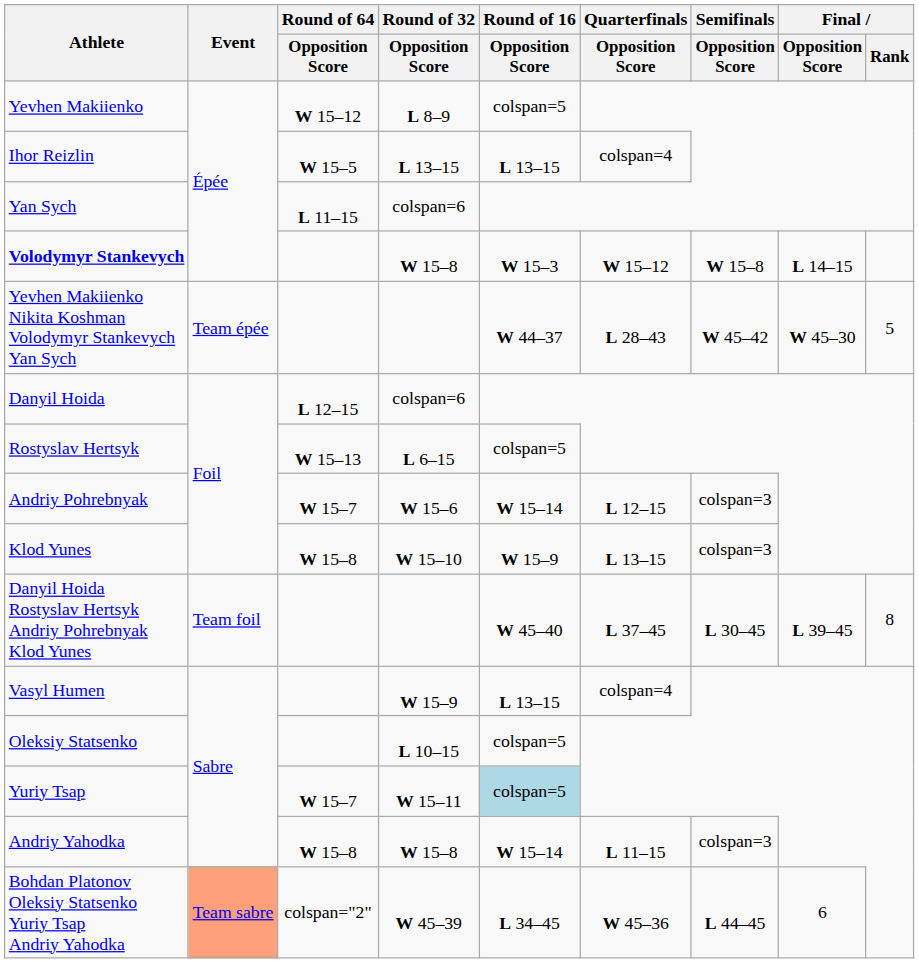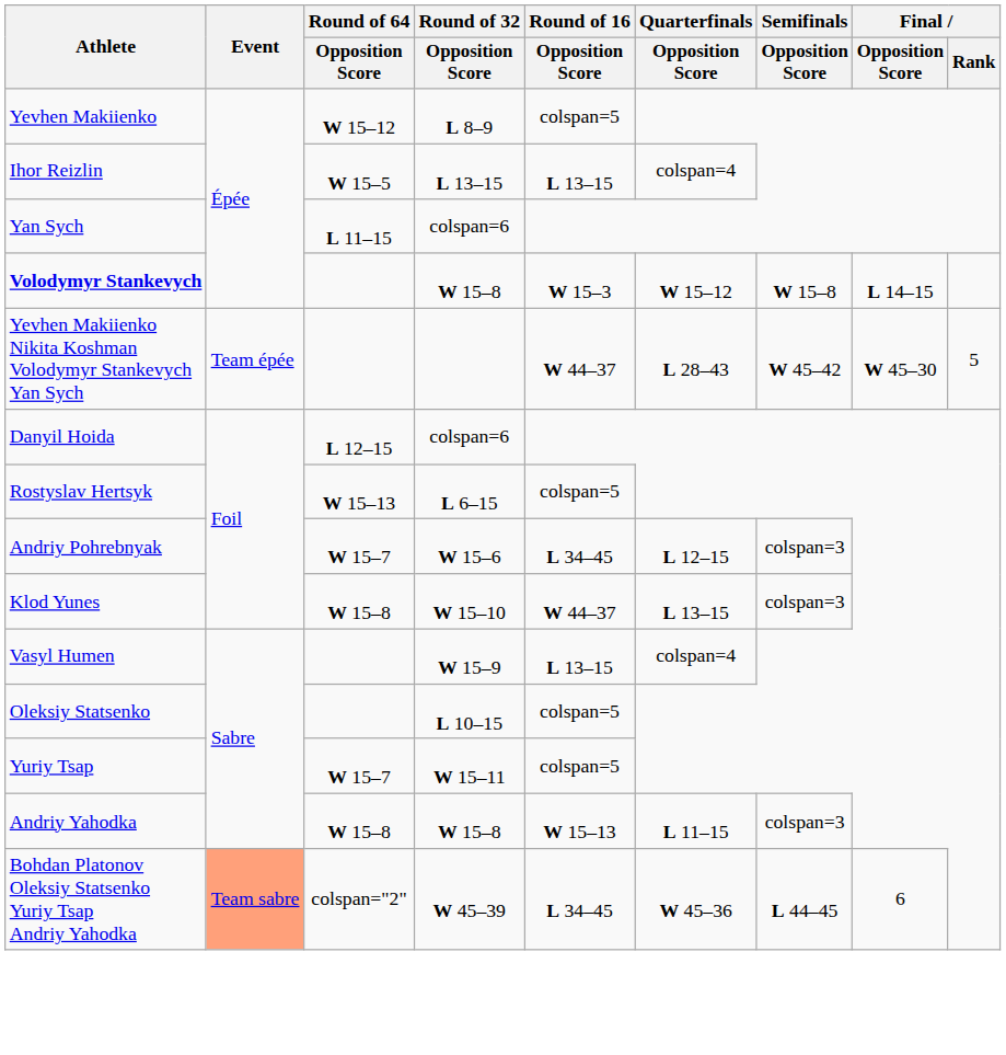 <table class="wikitable" style="font-size:90%">
 <tr>
 <th rowspan=2>Athlete</th>
 <th rowspan=2>Event</th>
 <th>Round of 64</th>
 <th>Round of 32</th>
 <th>Round of 16</th>
 <th>Quarterfinals</th>
 <th>Semifinals</th>
 <th colspan=2>Final / </th>
 </tr>
 <tr style="font-size:95%">
 <th>Opposition<br>Score</th>
 <th>Opposition<br>Score</th>
 <th>Opposition<br>Score</th>
 <th>Opposition<br>Score</th>
 <th>Opposition<br>Score</th>
 <th>Opposition<br>Score</th>
 <th>Rank</th>
 </tr>
 <tr align=center>
 <td align=left><a href='#'>Yevhen Makiienko</a></td>
 <td style="text-align:left;" rowspan="4"><a href='#'>Épée</a></td>
 <td><br><strong>W</strong> 15–12</td>
 <td><br><strong>L</strong> 8–9</td>
 <td>colspan=5 </td>
 </tr>
 <tr align=center>
 <td align=left><a href='#'>Ihor Reizlin</a></td>
 <td><br><strong>W</strong> 15–5</td>
 <td><br><strong>L</strong> 13–15</td>
 <td><br><strong>L</strong> 13–15</td>
 <td>colspan=4 </td>
 </tr>
 <tr align=center>
 <td align=left><a href='#'>Yan Sych</a></td>
 <td><br><strong>L</strong> 11–15</td>
 <td>colspan=6 </td>
 </tr>
 <tr align=center>
 <td align=left><strong><a href='#'>Volodymyr Stankevych</a></strong></td>
 <td></td>
 <td><br><strong>W</strong> 15–8</td>
 <td><br><strong>W</strong> 15–3</td>
 <td><br><strong>W</strong> 15–12</td>
 <td><br><strong>W</strong> 15–8</td>
 <td><br><strong>L</strong> 14–15</td>
 <td></td>
 </tr>
 <tr align=center>
 <td align=left><a href='#'>Yevhen Makiienko</a><br><a href='#'>Nikita Koshman</a><br><a href='#'>Volodymyr Stankevych</a><br><a href='#'>Yan Sych</a></td>
 <td style="text-align:left;"><a href='#'>Team épée</a></td>
 <td></td>
 <td></td>
 <td><br><strong>W</strong> 44–37</td>
 <td><br><strong>L</strong> 28–43</td>
 <td><br><strong>W</strong> 45–42</td>
 <td><br><strong>W</strong> 45–30</td>
 <td>5</td>
 </tr>
 <tr align=center>
 <td align=left><a href='#'>Danyil Hoida</a></td>
 <td style="text-align:left;" rowspan="4"><a href='#'>Foil</a></td>
 <td><br><strong>L</strong> 12–15</td>
 <td>colspan=6 </td>
 </tr>
 <tr align=center>
 <td align=left><a href='#'>Rostyslav Hertsyk</a></td>
 <td><br><strong>W</strong> 15–13</td>
 <td><br><strong>L</strong> 6–15</td>
 <td>colspan=5 </td>
 </tr>
 <tr align=center>
 <td align=left><a href='#'>Andriy Pohrebnyak</a></td>
 <td><br><strong>W</strong> 15–7</td>
 <td><br><strong>W</strong> 15–6</td>
-<td><br><strong>W</strong> 15–14</td>
+<td><br><strong>L</strong> 34–45</td>
 <td><br><strong>L</strong> 12–15</td>
 <td>colspan=3 </td>
 </tr>
 <tr align=center>
 <td align=left><a href='#'>Klod Yunes</a></td>
 <td><br><strong>W</strong> 15–8</td>
 <td><br><strong>W</strong> 15–10</td>
-<td><br><strong>W</strong> 15–9</td>
+<td><br><strong>W</strong> 44–37</td>
 <td><br><strong>L</strong> 13–15</td>
 <td>colspan=3 </td>
-</tr>
-<tr align=center>
-<td align=left><a href='#'>Danyil Hoida</a><br><a href='#'>Rostyslav Hertsyk</a><br><a href='#'>Andriy Pohrebnyak</a><br><a href='#'>Klod Yunes</a></td>
-<td style="text-align:left;"><a href='#'>Team foil</a></td>
-<td></td>
-<td></td>
-<td><br><strong>W</strong> 45–40</td>
-<td><br><strong>L</strong> 37–45</td>
-<td><br><strong>L</strong> 30–45</td>
-<td><br><strong>L</strong> 39–45</td>
-<td>8</td>
 </tr>
 <tr align=center>
 <td align=left><a href='#'>Vasyl Humen</a></td>
 <td style="text-align:left;" rowspan="4"><a href='#'>Sabre</a></td>
 <td></td>
 <td><br><strong>W</strong> 15–9</td>
 <td><br><strong>L</strong> 13–15</td>
 <td>colspan=4 </td>
 </tr>
 <tr align=center>
 <td align=left><a href='#'>Oleksiy Statsenko</a></td>
 <td></td>
 <td><br><strong>L</strong> 10–15</td>
 <td>colspan=5 </td>
 </tr>
 <tr align=center>
 <td align=left><a href='#'>Yuriy Tsap</a></td>
 <td><br><strong>W</strong> 15–7</td>
 <td><br><strong>W</strong> 15–11</td>
-<td style="background: lightblue;">colspan=5 </td>
+<td>colspan=5 </td>
 </tr>
 <tr align=center>
 <td align=left><a href='#'>Andriy Yahodka</a></td>
 <td><br><strong>W</strong> 15–8</td>
 <td><br><strong>W</strong> 15–8</td>
-<td><br><strong>W</strong> 15–14</td>
+<td><br><strong>W</strong> 15–13</td>
 <td><br><strong>L</strong> 11–15</td>
 <td>colspan=3 </td>
 </tr>
 <tr align=center>
 <td align=left><a href='#'>Bohdan Platonov</a><br><a href='#'>Oleksiy Statsenko</a><br><a href='#'>Yuriy Tsap</a><br><a href='#'>Andriy Yahodka</a></td>
 <td style="background: lightsalmon; text-align:left;"><a href='#'>Team sabre</a></td>
 <td>colspan="2" </td>
 <td><br><strong>W</strong> 45–39</td>
 <td><br><strong>L</strong> 34–45</td>
 <td><br><strong>W</strong> 45–36</td>
 <td><br><strong>L</strong> 44–45</td>
 <td>6</td>
 </tr>
 </table>
